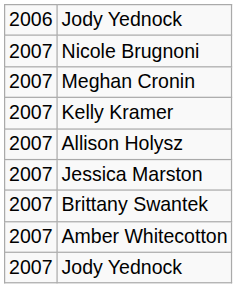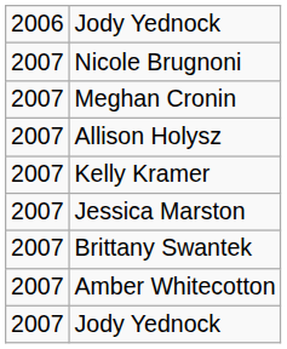 <table class="wikitable">
 <tr>
 <td>2006</td>
 <td>Jody Yednock</td>
 </tr>
 <tr>
 <td>2007</td>
 <td>Nicole Brugnoni</td>
 </tr>
 <tr>
 <td>2007</td>
 <td>Meghan Cronin</td>
 </tr>
 <tr>
 <td>2007</td>
-<td>Kelly Kramer</td>
+<td>Allison Holysz</td>
 </tr>
 <tr>
 <td>2007</td>
-<td>Allison Holysz</td>
+<td>Kelly Kramer</td>
 </tr>
 <tr>
 <td>2007</td>
 <td>Jessica Marston</td>
 </tr>
 <tr>
 <td>2007</td>
 <td>Brittany Swantek</td>
 </tr>
 <tr>
 <td>2007</td>
 <td>Amber Whitecotton</td>
 </tr>
 <tr>
 <td>2007</td>
 <td>Jody Yednock</td>
 </tr>
 </table>
